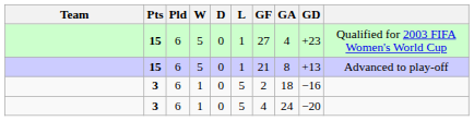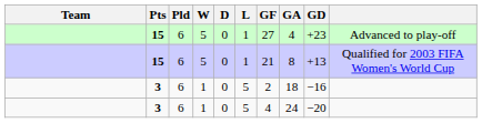 <table class="wikitable" style="text-align:center;">
 <tr>
 <th width=175>Team</th>
 <th width=20 abbr="Points">Pts</th>
 <th width=20 abbr="Played">Pld</th>
 <th width=20 abbr="Won">W</th>
 <th width=20 abbr="Drawn">D</th>
 <th width=20 abbr="Lost">L</th>
 <th width=20 abbr="Goals for">GF</th>
 <th width=20 abbr="Goals against">GA</th>
 <th width=20 abbr="Goal difference">GD</th>
 <th></th>
 </tr>
 <tr bgcolor="#ccffcc">
 <td style="text-align:left;"></td>
 <td><strong>15</strong></td>
 <td>6</td>
 <td>5</td>
 <td>0</td>
 <td>1</td>
 <td>27</td>
 <td>4</td>
 <td>+23</td>
-<td>Qualified for <a href='#'>2003 FIFA Women's World Cup</a></td>
+<td>Advanced to play-off</td>
 </tr>
 <tr bgcolor="#ccccff">
 <td style="text-align:left;"></td>
 <td><strong>15</strong></td>
 <td>6</td>
 <td>5</td>
 <td>0</td>
 <td>1</td>
 <td>21</td>
 <td>8</td>
 <td>+13</td>
-<td>Advanced to play-off</td>
+<td>Qualified for <a href='#'>2003 FIFA Women's World Cup</a></td>
 </tr>
 <tr>
 <td style="text-align:left;"></td>
 <td><strong>3</strong></td>
 <td>6</td>
 <td>1</td>
 <td>0</td>
 <td>5</td>
 <td>2</td>
 <td>18</td>
 <td>−16</td>
 <td></td>
 </tr>
 <tr>
 <td style="text-align:left;"></td>
 <td><strong>3</strong></td>
 <td>6</td>
 <td>1</td>
 <td>0</td>
 <td>5</td>
 <td>4</td>
 <td>24</td>
 <td>−20</td>
 <td></td>
 </tr>
 </table>
